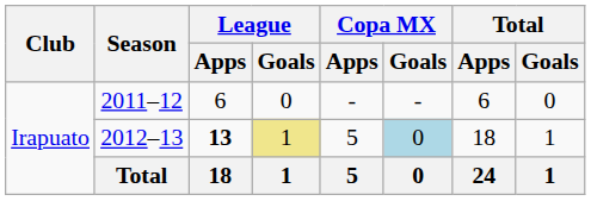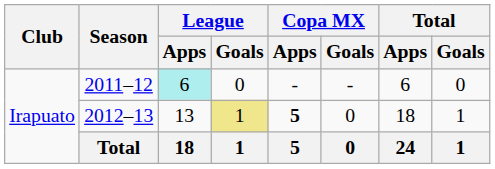 <table class="wikitable" style="font-size:98%; text-align: center;">
 <tr>
 <th rowspan="2">Club</th>
 <th rowspan="2">Season</th>
 <th colspan="2"><a href='#'>League</a></th>
 <th colspan="2"><a href='#'>Copa MX</a></th>
 <th colspan="2">Total</th>
 </tr>
 <tr>
 <th>Apps</th>
 <th>Goals</th>
 <th>Apps</th>
 <th>Goals</th>
 <th>Apps</th>
 <th>Goals</th>
 </tr>
 <tr>
 <td rowspan="5" valign="center"><a href='#'>Irapuato</a></td>
 <td><a href='#'>2011</a>–<a href='#'>12</a></td>
-<td>6</td>
+<td style="background: paleturquoise;">6</td>
 <td>0</td>
 <td>-</td>
 <td>-</td>
 <td>6</td>
 <td>0</td>
 </tr>
 <tr>
 <td><a href='#'>2012</a>–<a href='#'>13</a></td>
-<td><strong>13</strong></td>
+<td>13</td>
 <td style="background: khaki;">1</td>
-<td>5</td>
-<td style="background: lightblue;">0</td>
+<td><strong>5</strong></td>
+<td>0</td>
 <td>18</td>
 <td>1</td>
 </tr>
 <tr>
 <th>Total</th>
 <th>18</th>
 <th>1</th>
 <th>5</th>
 <th>0</th>
 <th>24</th>
 <th>1</th>
 </tr>
 </table>
